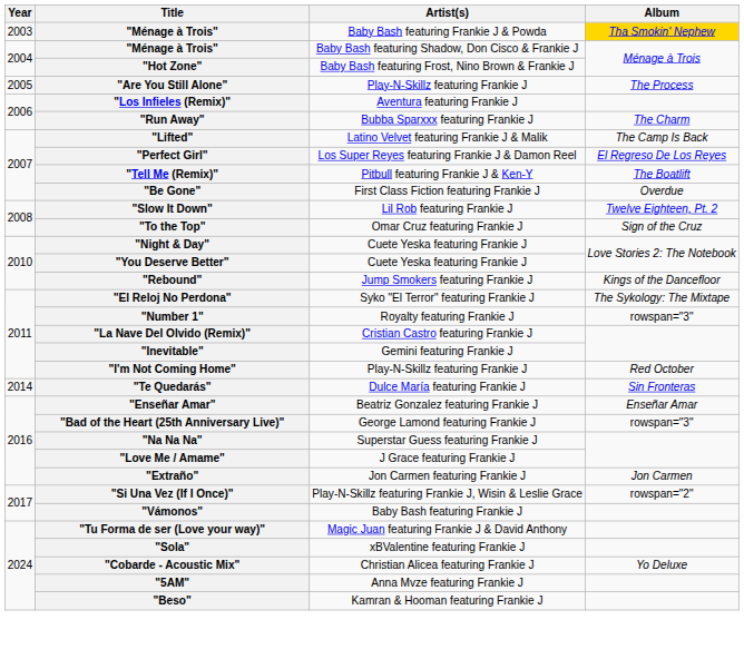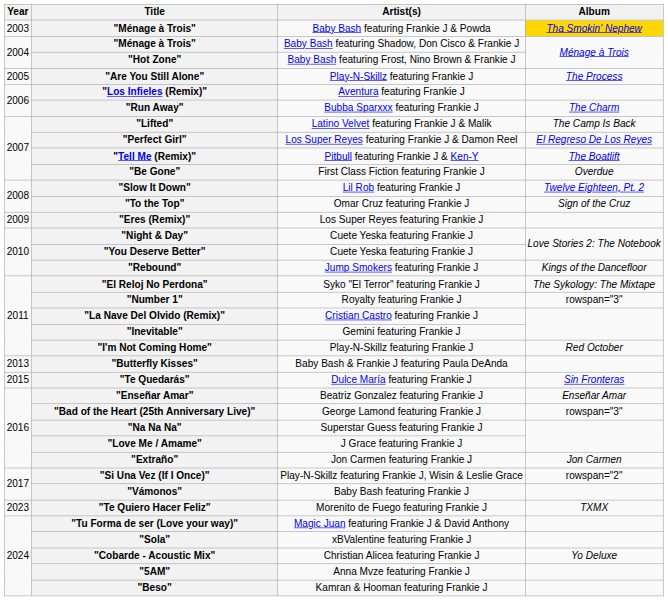 <table class="wikitable plainrowheaders" style="text-align:center;">
 <tr>
 <th scope="col" style="width:1em;">Year</th>
 <th scope="col" style="width:24em;">Title</th>
 <th scope="col">Artist(s)</th>
 <th scope="col">Album</th>
 </tr>
 <tr>
 <td>2003</td>
 <th scope="row">"Ménage à Trois"</th>
 <td><a href='#'>Baby Bash</a> featuring Frankie J & Powda</td>
 <td style="background: gold;"><em><a href='#'>Tha Smokin' Nephew</a></em></td>
 </tr>
 <tr>
 <td rowspan="2">2004</td>
 <th scope="row">"Ménage à Trois"</th>
 <td><a href='#'>Baby Bash</a> featuring Shadow, Don Cisco & Frankie J</td>
 <td rowspan="2"><em><a href='#'>Ménage à Trois</a></em></td>
 </tr>
 <tr>
 <th scope="row">"Hot Zone"</th>
 <td><a href='#'>Baby Bash</a> featuring Frost, Nino Brown & Frankie J</td>
 </tr>
 <tr>
 <td>2005</td>
 <th scope="row">"Are You Still Alone"</th>
 <td><a href='#'>Play-N-Skillz</a> featuring Frankie J</td>
 <td><em><a href='#'>The Process</a></em></td>
 </tr>
 <tr>
 <td rowspan="2">2006</td>
 <th scope="row">"<a href='#'>Los Infieles</a> (Remix)"</th>
 <td><a href='#'>Aventura</a> featuring Frankie J</td>
 <td></td>
 </tr>
 <tr>
 <th scope="row">"Run Away"</th>
 <td><a href='#'>Bubba Sparxxx</a> featuring Frankie J</td>
 <td><em><a href='#'>The Charm</a></em></td>
 </tr>
 <tr>
 <td rowspan="4">2007</td>
 <th scope="row">"Lifted"</th>
 <td><a href='#'>Latino Velvet</a> featuring Frankie J & Malik</td>
 <td><em>The Camp Is Back</em></td>
 </tr>
 <tr>
 <th scope="row">"Perfect Girl"</th>
 <td><a href='#'>Los Super Reyes</a> featuring Frankie J & Damon Reel</td>
 <td><em><a href='#'>El Regreso De Los Reyes</a></em></td>
 </tr>
 <tr>
 <th scope="row">"<a href='#'>Tell Me</a> (Remix)"</th>
 <td><a href='#'>Pitbull</a> featuring Frankie J & <a href='#'>Ken-Y</a></td>
 <td><em><a href='#'>The Boatlift</a></em></td>
 </tr>
 <tr>
 <th scope="row">"Be Gone"</th>
 <td>First Class Fiction featuring Frankie J</td>
 <td><em>Overdue</em></td>
 </tr>
 <tr>
 <td rowspan="2">2008</td>
 <th scope="row">"Slow It Down"</th>
 <td><a href='#'>Lil Rob</a> featuring Frankie J</td>
 <td><em><a href='#'>Twelve Eighteen, Pt. 2</a></em></td>
 </tr>
 <tr>
 <th scope="row">"To the Top"</th>
 <td>Omar Cruz featuring Frankie J</td>
 <td><em>Sign of the Cruz</em></td>
 </tr>
 <tr>
+<td>2009</td>
+<th scope="row">"Eres (Remix)"</th>
+<td>Los Super Reyes featuring Frankie J</td>
+<td></td>
+</tr>
+<tr>
 <td rowspan="3">2010</td>
 <th scope="row">"Night & Day"</th>
 <td>Cuete Yeska featuring Frankie J</td>
 <td rowspan="2"><em>Love Stories 2: The Notebook</em></td>
 </tr>
 <tr>
 <th scope="row">"You Deserve Better"</th>
 <td>Cuete Yeska featuring Frankie J</td>
 </tr>
 <tr>
 <th scope="row">"Rebound"</th>
 <td><a href='#'>Jump Smokers</a> featuring Frankie J</td>
 <td><em>Kings of the Dancefloor</em></td>
 </tr>
 <tr>
 <td rowspan="5">2011</td>
 <th scope="row">"El Reloj No Perdona"</th>
 <td>Syko "El Terror" featuring Frankie J</td>
 <td><em>The Sykology: The Mixtape</em></td>
 </tr>
 <tr>
 <th scope="row">"Number 1"</th>
 <td>Royalty featuring Frankie J</td>
 <td>rowspan="3" </td>
 </tr>
 <tr>
 <th scope="row">"La Nave Del Olvido (Remix)"</th>
 <td><a href='#'>Cristian Castro</a> featuring Frankie J</td>
 </tr>
 <tr>
 <th scope="row">"Inevitable"</th>
 <td>Gemini featuring Frankie J</td>
 </tr>
 <tr>
 <th scope="row">"I'm Not Coming Home"</th>
 <td>Play-N-Skillz featuring Frankie J</td>
 <td><em>Red October</em></td>
 </tr>
 <tr>
-<td>2014</td>
+<td>2013</td>
+<th scope="row">"Butterfly Kisses"</th>
+<td>Baby Bash & Frankie J featuring Paula DeAnda</td>
+<td></td>
+</tr>
+<tr>
+<td>2015</td>
 <th scope="row">"Te Quedarás"</th>
 <td><a href='#'>Dulce María</a> featuring Frankie J</td>
 <td><em><a href='#'>Sin Fronteras</a></em></td>
 </tr>
 <tr>
 <td rowspan="5">2016</td>
 <th scope="row">"Enseñar Amar"</th>
 <td>Beatriz Gonzalez featuring Frankie J</td>
 <td><em>Enseñar Amar</em></td>
 </tr>
 <tr>
 <th scope="row">"Bad of the Heart (25th Anniversary Live)"</th>
 <td>George Lamond featuring Frankie J</td>
 <td>rowspan="3" </td>
 </tr>
 <tr>
 <th scope="row">"Na Na Na"</th>
 <td>Superstar Guess featuring Frankie J</td>
 </tr>
 <tr>
 <th scope="row">"Love Me / Amame"</th>
 <td>J Grace featuring Frankie J</td>
 </tr>
 <tr>
 <th scope="row">"Extraño"</th>
 <td>Jon Carmen featuring Frankie J</td>
 <td><em>Jon Carmen</em></td>
 </tr>
 <tr>
 <td rowspan="2">2017</td>
 <th scope="row">"Si Una Vez (If I Once)"</th>
 <td>Play-N-Skillz featuring Frankie J, Wisin & Leslie Grace</td>
 <td>rowspan="2" </td>
 </tr>
 <tr>
 <th scope="row">"Vámonos"</th>
 <td>Baby Bash featuring Frankie J</td>
 </tr>
 <tr>
+<td>2023</td>
+<th scope="row">"Te Quiero Hacer Feliz"</th>
+<td>Morenito de Fuego featuring Frankie J</td>
+<td><em>TXMX</em></td>
+</tr>
+<tr>
 <td rowspan="6">2024</td>
 <th scope="row">"Tu Forma de ser (Love your way)"</th>
 <td><a href='#'>Magic Juan</a> featuring Frankie J & David Anthony</td>
 <td></td>
 </tr>
 <tr>
 <th scope="row">"Sola"</th>
 <td>xBValentine featuring Frankie J</td>
 <td></td>
 </tr>
 <tr>
 <th scope="row">"Cobarde - Acoustic Mix"</th>
 <td>Christian Alicea featuring Frankie J</td>
 <td><em>Yo Deluxe</em></td>
 </tr>
 <tr>
 <th scope="row">"5AM"</th>
 <td>Anna Mvze featuring Frankie J</td>
 <td></td>
 </tr>
 <tr>
 <th scope="row">"Beso"</th>
 <td>Kamran & Hooman featuring Frankie J</td>
 <td></td>
 </tr>
 </table>
